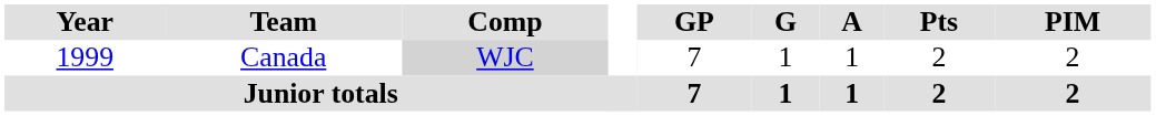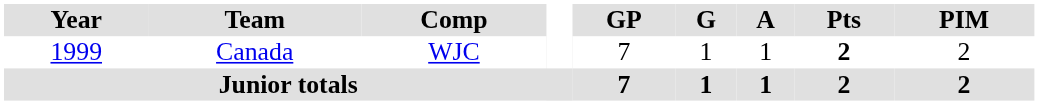 <table border="0" cellpadding="1" cellspacing="0" style="text-align:center; width:40em">
 <tr bgcolor="#e0e0e0">
 <th>Year</th>
 <th>Team</th>
 <th>Comp</th>
 <th rowspan="99" bgcolor="#ffffff"> </th>
 <th>GP</th>
 <th>G</th>
 <th>A</th>
 <th>Pts</th>
 <th>PIM</th>
 </tr>
 <tr>
 <td><a href='#'>1999</a></td>
 <td><a href='#'>Canada</a></td>
-<td style="background: lightgrey;"><a href='#'>WJC</a></td>
+<td><a href='#'>WJC</a></td>
 <td>7</td>
 <td>1</td>
 <td>1</td>
-<td>2</td>
+<td><strong>2</strong></td>
 <td>2</td>
 </tr>
 <tr bgcolor="#e0e0e0">
 <th colspan="4">Junior totals</th>
 <th>7</th>
 <th>1</th>
 <th>1</th>
 <th>2</th>
 <th>2</th>
 </tr>
 </table>
